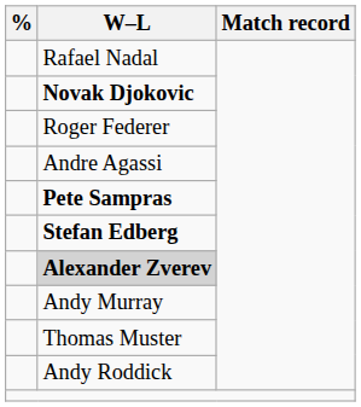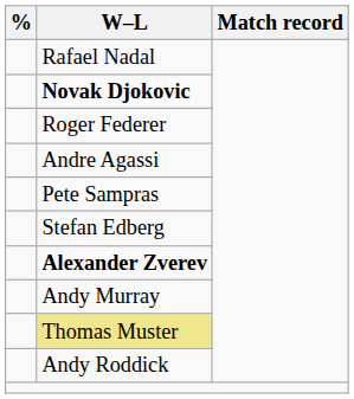 <table class="wikitable nowrap" style="display:inline-table">
 <tr>
 <th scope="col">%</th>
 <th ! scope="col">W–L</th>
 <th scope="col">Match record</th>
 </tr>
 <tr>
 <td></td>
 <td> Rafael Nadal</td>
 </tr>
 <tr>
 <td></td>
 <td> <strong>Novak Djokovic</strong></td>
 </tr>
 <tr>
 <td></td>
 <td> Roger Federer</td>
 </tr>
 <tr>
 <td></td>
 <td> Andre Agassi</td>
 </tr>
 <tr>
 <td></td>
-<td><strong> Pete Sampras</strong></td>
+<td> Pete Sampras</td>
 </tr>
 <tr>
 <td></td>
-<td><strong> Stefan Edberg</strong></td>
+<td> Stefan Edberg</td>
 </tr>
 <tr>
 <td></td>
-<td style="background: lightgrey;"> <strong>Alexander Zverev</strong></td>
+<td> <strong>Alexander Zverev</strong></td>
 </tr>
 <tr>
 <td></td>
 <td> Andy Murray</td>
 </tr>
 <tr>
 <td></td>
-<td> Thomas Muster</td>
+<td style="background: khaki;"> Thomas Muster</td>
 </tr>
 <tr>
 <td></td>
 <td> Andy Roddick</td>
 </tr>
 <tr>
 <td colspan=4 style="text-align:center;"></td>
 </tr>
 </table>
